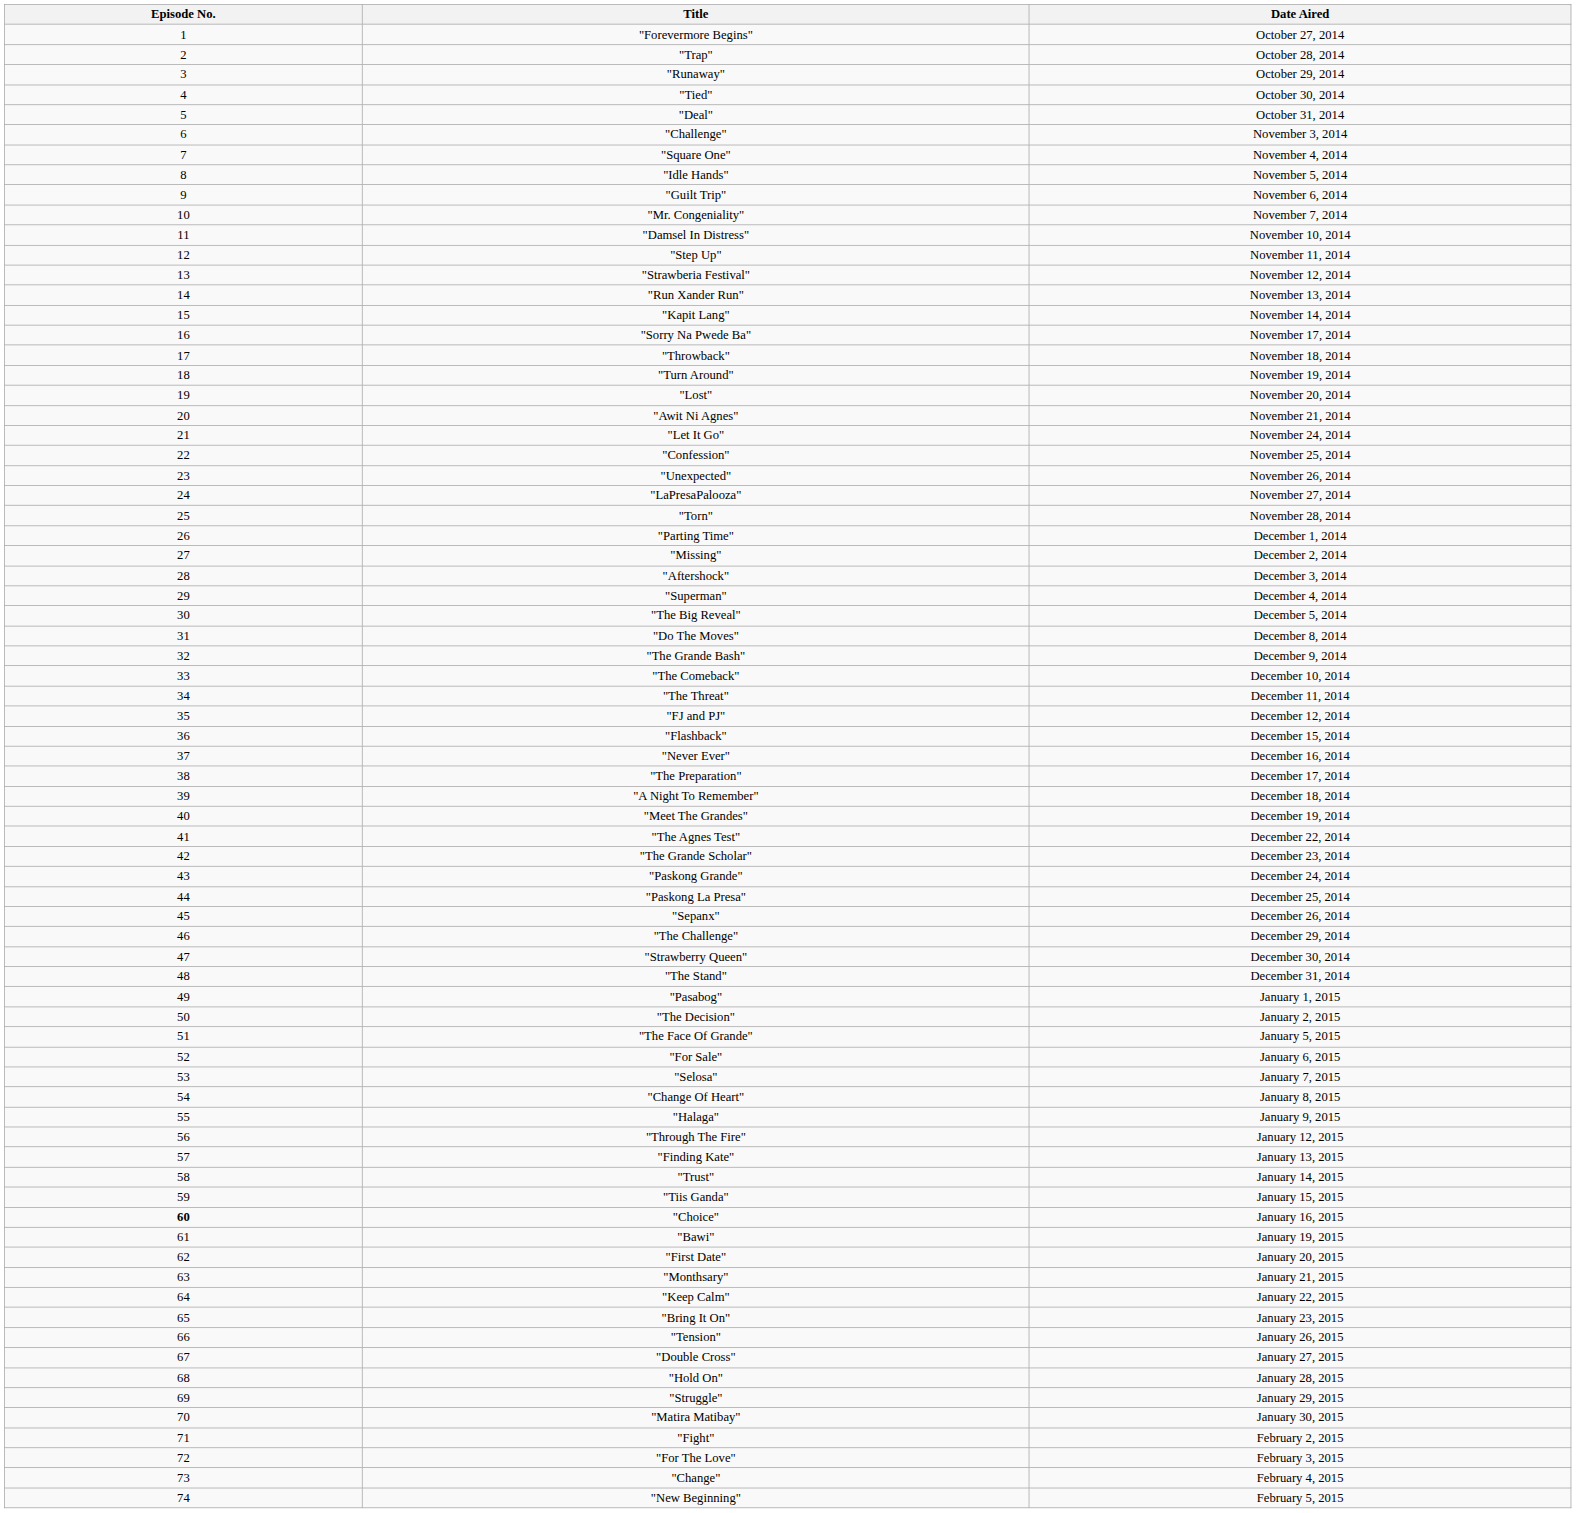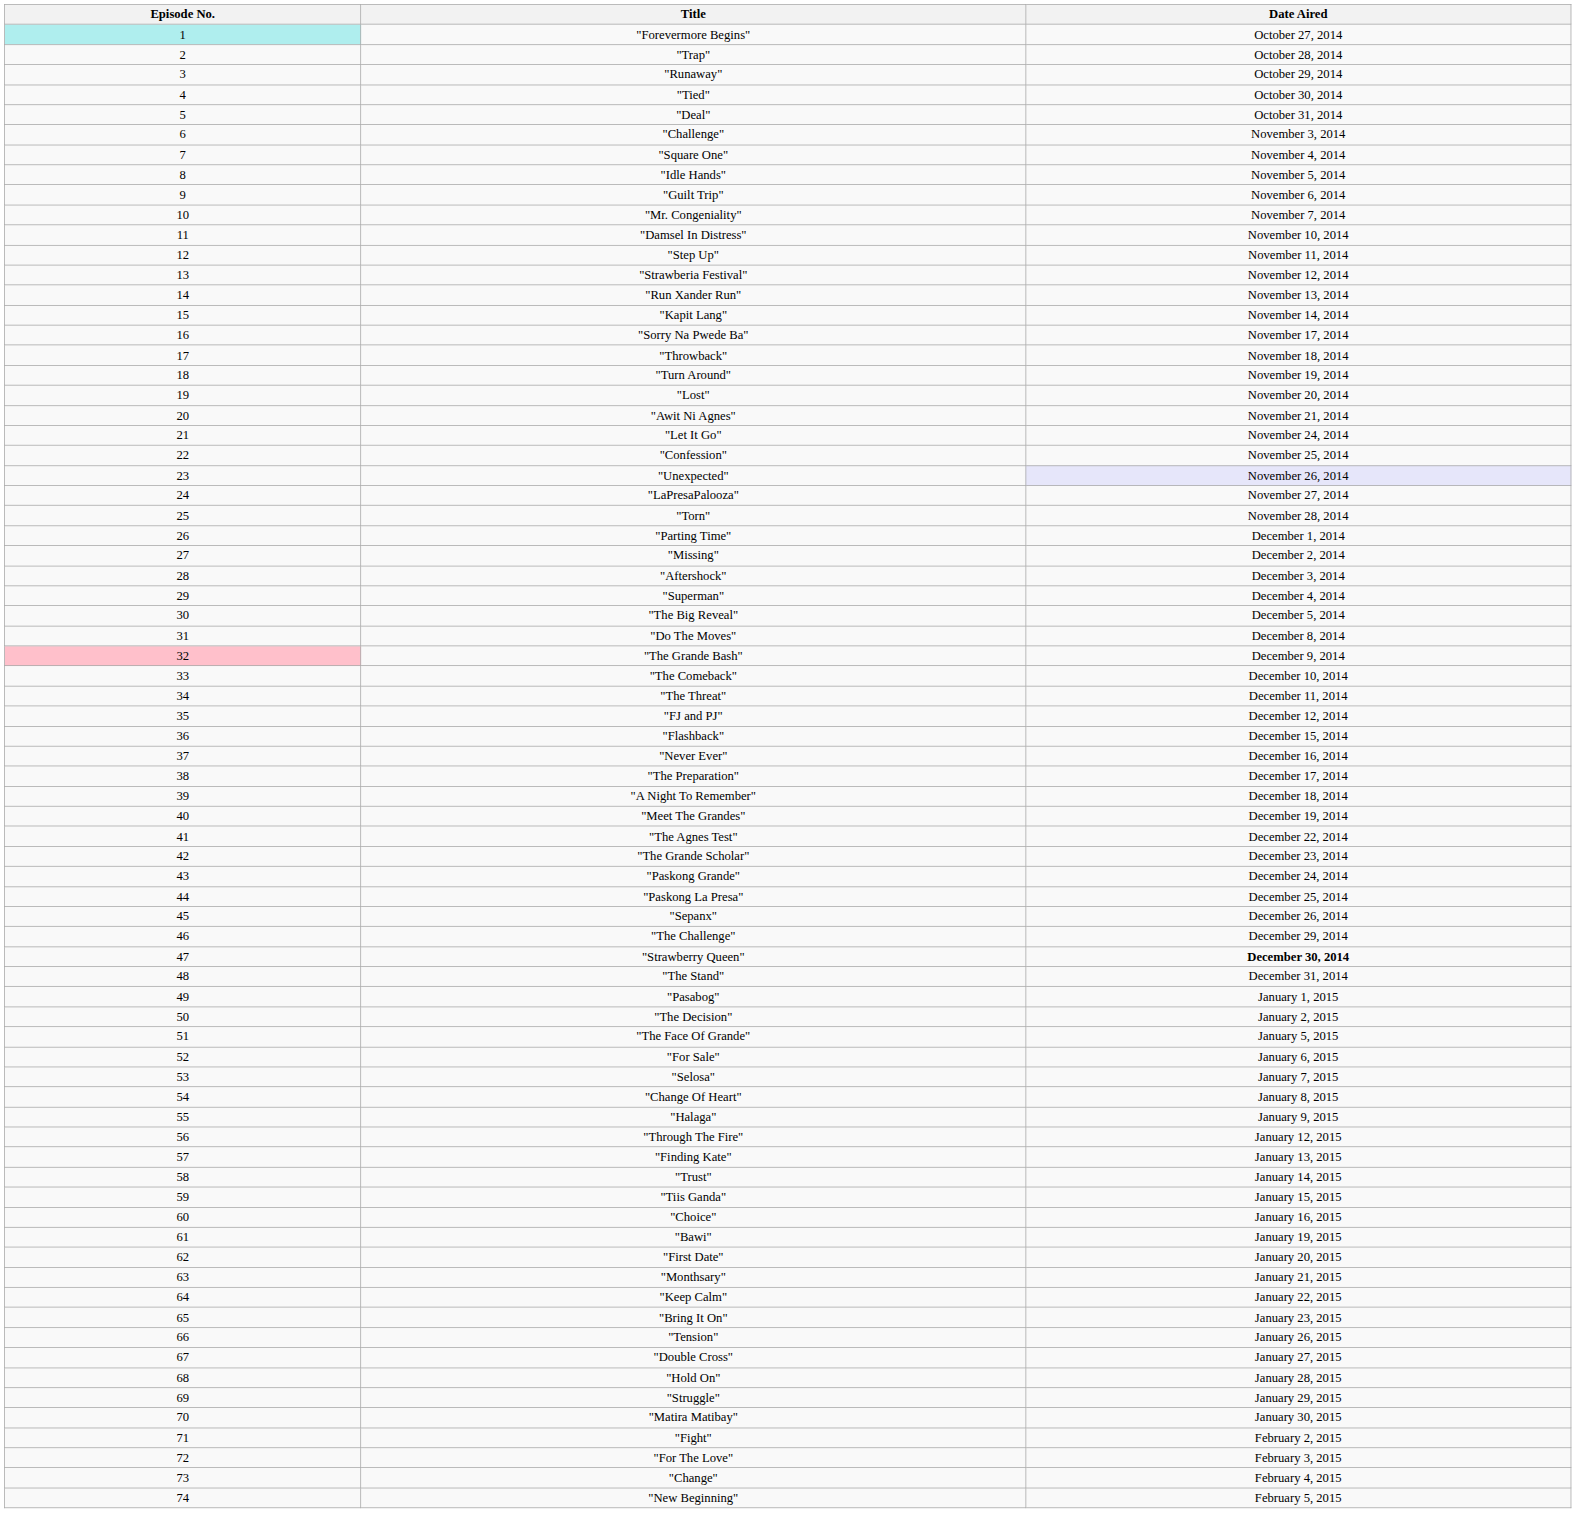 <table class="wikitable" style="text-align:center; font-size:100%; line-height:18px;"  width="100%">
 <tr>
 <th>Episode No.</th>
 <th>Title</th>
 <th>Date Aired</th>
 </tr>
 <tr>
-<td>1</td>
+<td style="background: paleturquoise;">1</td>
 <td>"Forevermore Begins"</td>
 <td>October 27, 2014</td>
 </tr>
 <tr>
 <td>2</td>
 <td>"Trap"</td>
 <td>October 28, 2014</td>
 </tr>
 <tr>
 <td>3</td>
 <td>"Runaway"</td>
 <td>October 29, 2014</td>
 </tr>
 <tr>
 <td>4</td>
 <td>"Tied"</td>
 <td>October 30, 2014</td>
 </tr>
 <tr>
 <td>5</td>
 <td>"Deal"</td>
 <td>October 31, 2014</td>
 </tr>
 <tr>
 <td>6</td>
 <td>"Challenge"</td>
 <td>November 3, 2014</td>
 </tr>
 <tr>
 <td>7</td>
 <td>"Square One"</td>
 <td>November 4, 2014</td>
 </tr>
 <tr>
 <td>8</td>
 <td>"Idle Hands"</td>
 <td>November 5, 2014</td>
 </tr>
 <tr>
 <td>9</td>
 <td>"Guilt Trip"</td>
 <td>November 6, 2014</td>
 </tr>
 <tr>
 <td>10</td>
 <td>"Mr. Congeniality"</td>
 <td>November 7, 2014</td>
 </tr>
 <tr>
 <td>11</td>
 <td>"Damsel In Distress"</td>
 <td>November 10, 2014</td>
 </tr>
 <tr>
 <td>12</td>
 <td>"Step Up"</td>
 <td>November 11, 2014</td>
 </tr>
 <tr>
 <td>13</td>
 <td>"Strawberia Festival"</td>
 <td>November 12, 2014</td>
 </tr>
 <tr>
 <td>14</td>
 <td>"Run Xander Run"</td>
 <td>November 13, 2014</td>
 </tr>
 <tr>
 <td>15</td>
 <td>"Kapit Lang"</td>
 <td>November 14, 2014</td>
 </tr>
 <tr>
 <td>16</td>
 <td>"Sorry Na Pwede Ba"</td>
 <td>November 17, 2014</td>
 </tr>
 <tr>
 <td>17</td>
 <td>"Throwback"</td>
 <td>November 18, 2014</td>
 </tr>
 <tr>
 <td>18</td>
 <td>"Turn Around"</td>
 <td>November 19, 2014</td>
 </tr>
 <tr>
 <td>19</td>
 <td>"Lost"</td>
 <td>November 20, 2014</td>
 </tr>
 <tr>
 <td>20</td>
 <td>"Awit Ni Agnes"</td>
 <td>November 21, 2014</td>
 </tr>
 <tr>
 <td>21</td>
 <td>"Let It Go"</td>
 <td>November 24, 2014</td>
 </tr>
 <tr>
 <td>22</td>
 <td>"Confession"</td>
 <td>November 25, 2014</td>
 </tr>
 <tr>
 <td>23</td>
 <td>"Unexpected"</td>
-<td>November 26, 2014</td>
+<td style="background: lavender;">November 26, 2014</td>
 </tr>
 <tr>
 <td>24</td>
 <td>"LaPresaPalooza"</td>
 <td>November 27, 2014</td>
 </tr>
 <tr>
 <td>25</td>
 <td>"Torn"</td>
 <td>November 28, 2014</td>
 </tr>
 <tr>
 <td>26</td>
 <td>"Parting Time"</td>
 <td>December 1, 2014</td>
 </tr>
 <tr>
 <td>27</td>
 <td>"Missing"</td>
 <td>December 2, 2014</td>
 </tr>
 <tr>
 <td>28</td>
 <td>"Aftershock"</td>
 <td>December 3, 2014</td>
 </tr>
 <tr>
 <td>29</td>
 <td>"Superman"</td>
 <td>December 4, 2014</td>
 </tr>
 <tr>
 <td>30</td>
 <td>"The Big Reveal"</td>
 <td>December 5, 2014</td>
 </tr>
 <tr>
 <td>31</td>
 <td>"Do The Moves"</td>
 <td>December 8, 2014</td>
 </tr>
 <tr>
-<td>32</td>
+<td style="background: pink;">32</td>
 <td>"The Grande Bash"</td>
 <td>December 9, 2014</td>
 </tr>
 <tr>
 <td>33</td>
 <td>"The Comeback"</td>
 <td>December 10, 2014</td>
 </tr>
 <tr>
 <td>34</td>
 <td>"The Threat"</td>
 <td>December 11, 2014</td>
 </tr>
 <tr>
 <td>35</td>
 <td>"FJ and PJ"</td>
 <td>December 12, 2014</td>
 </tr>
 <tr>
 <td>36</td>
 <td>"Flashback"</td>
 <td>December 15, 2014</td>
 </tr>
 <tr>
 <td>37</td>
 <td>"Never Ever"</td>
 <td>December 16, 2014</td>
 </tr>
 <tr>
 <td>38</td>
 <td>"The Preparation"</td>
 <td>December 17, 2014</td>
 </tr>
 <tr>
 <td>39</td>
 <td>"A Night To Remember"</td>
 <td>December 18, 2014</td>
 </tr>
 <tr>
 <td>40</td>
 <td>"Meet The Grandes"</td>
 <td>December 19, 2014</td>
 </tr>
 <tr>
 <td>41</td>
 <td>"The Agnes Test"</td>
 <td>December 22, 2014</td>
 </tr>
 <tr>
 <td>42</td>
 <td>"The Grande Scholar"</td>
 <td>December 23, 2014</td>
 </tr>
 <tr>
 <td>43</td>
 <td>"Paskong Grande"</td>
 <td>December 24, 2014</td>
 </tr>
 <tr>
 <td>44</td>
 <td>"Paskong La Presa"</td>
 <td>December 25, 2014</td>
 </tr>
 <tr>
 <td>45</td>
 <td>"Sepanx"</td>
 <td>December 26, 2014</td>
 </tr>
 <tr>
 <td>46</td>
 <td>"The Challenge"</td>
 <td>December 29, 2014</td>
 </tr>
 <tr>
 <td>47</td>
 <td>"Strawberry Queen"</td>
-<td>December 30, 2014</td>
+<td><strong>December 30, 2014</strong></td>
 </tr>
 <tr>
 <td>48</td>
 <td>"The Stand"</td>
 <td>December 31, 2014</td>
 </tr>
 <tr>
 <td>49</td>
 <td>"Pasabog"</td>
 <td>January 1, 2015</td>
 </tr>
 <tr>
 <td>50</td>
 <td>"The Decision"</td>
 <td>January 2, 2015</td>
 </tr>
 <tr>
 <td>51</td>
 <td>"The Face Of Grande"</td>
 <td>January 5, 2015</td>
 </tr>
 <tr>
 <td>52</td>
 <td>"For Sale"</td>
 <td>January 6, 2015</td>
 </tr>
 <tr>
 <td>53</td>
 <td>"Selosa"</td>
 <td>January 7, 2015</td>
 </tr>
 <tr>
 <td>54</td>
 <td>"Change Of Heart"</td>
 <td>January 8, 2015</td>
 </tr>
 <tr>
 <td>55</td>
 <td>"Halaga"</td>
 <td>January 9, 2015</td>
 </tr>
 <tr>
 <td>56</td>
 <td>"Through The Fire"</td>
 <td>January 12, 2015</td>
 </tr>
 <tr>
 <td>57</td>
 <td>"Finding Kate"</td>
 <td>January 13, 2015</td>
 </tr>
 <tr>
 <td>58</td>
 <td>"Trust"</td>
 <td>January 14, 2015</td>
 </tr>
 <tr>
 <td>59</td>
 <td>"Tiis Ganda"</td>
 <td>January 15, 2015</td>
 </tr>
 <tr>
-<td><strong>60</strong></td>
+<td>60</td>
 <td>"Choice"</td>
 <td>January 16, 2015</td>
 </tr>
 <tr>
 <td>61</td>
 <td>"Bawi"</td>
 <td>January 19, 2015</td>
 </tr>
 <tr>
 <td>62</td>
 <td>"First Date"</td>
 <td>January 20, 2015</td>
 </tr>
 <tr>
 <td>63</td>
 <td>"Monthsary"</td>
 <td>January 21, 2015</td>
 </tr>
 <tr>
 <td>64</td>
 <td>"Keep Calm"</td>
 <td>January 22, 2015</td>
 </tr>
 <tr>
 <td>65</td>
 <td>"Bring It On"</td>
 <td>January 23, 2015</td>
 </tr>
 <tr>
 <td>66</td>
 <td>"Tension"</td>
 <td>January 26, 2015</td>
 </tr>
 <tr>
 <td>67</td>
 <td>"Double Cross"</td>
 <td>January 27, 2015</td>
 </tr>
 <tr>
 <td>68</td>
 <td>"Hold On"</td>
 <td>January 28, 2015</td>
 </tr>
 <tr>
 <td>69</td>
 <td>"Struggle"</td>
 <td>January 29, 2015</td>
 </tr>
 <tr>
 <td>70</td>
 <td>"Matira Matibay"</td>
 <td>January 30, 2015</td>
 </tr>
 <tr>
 <td>71</td>
 <td>"Fight"</td>
 <td>February 2, 2015</td>
 </tr>
 <tr>
 <td>72</td>
 <td>"For The Love"</td>
 <td>February 3, 2015</td>
 </tr>
 <tr>
 <td>73</td>
 <td>"Change"</td>
 <td>February 4, 2015</td>
 </tr>
 <tr>
 <td>74</td>
 <td>"New Beginning"</td>
 <td>February 5, 2015</td>
 </tr>
 </table>
